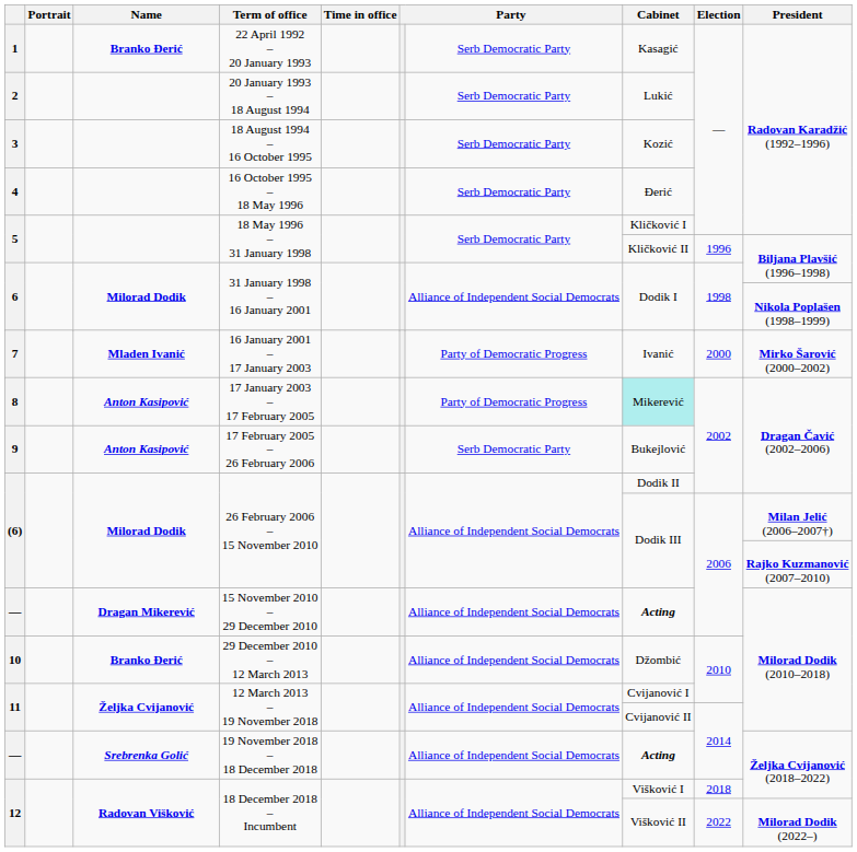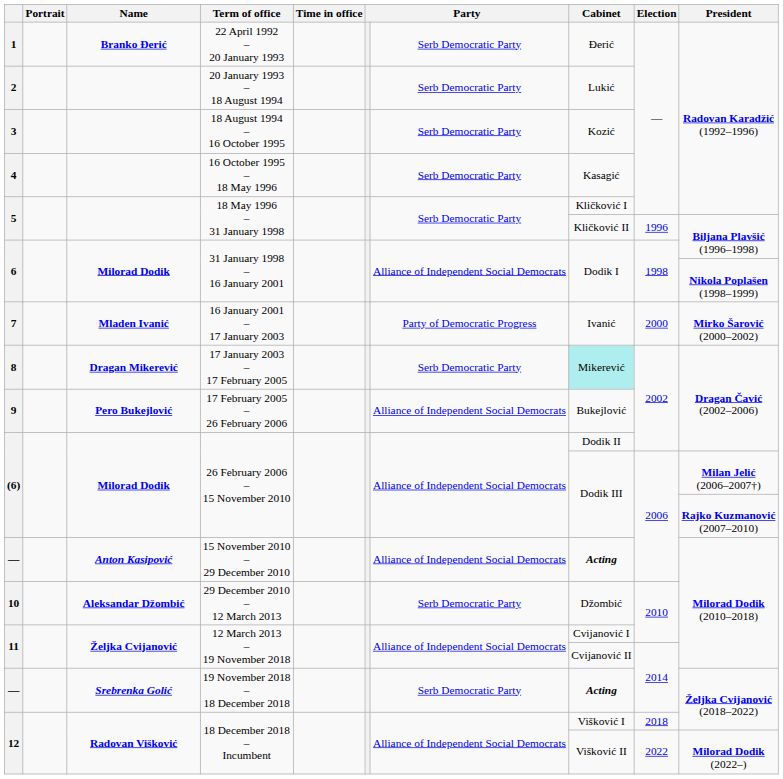 <table class="wikitable" style="text-align:center;">
 <tr>
 <th></th>
 <th>Portrait</th>
 <th width=180px>Name<br></th>
 <th>Term of office</th>
 <th>Time in office</th>
 <th colspan=2>Party</th>
 <th>Cabinet</th>
 <th>Election</th>
 <th>President</th>
 </tr>
 <tr>
 <th>1</th>
 <td></td>
 <td><strong><a href='#'>Branko Đerić</a></strong><br></td>
 <td>22 April 1992<br>–<br>20 January 1993</td>
 <td></td>
 <th style="background:"></th>
 <td><a href='#'>Serb Democratic Party</a></td>
-<td>Kasagić</td>
+<td>Đerić</td>
 <td rowspan=5>—</td>
 <td rowspan=5><br><strong><a href='#'>Radovan Karadžić</a></strong><br>(1992–1996)</td>
 </tr>
 <tr>
 <th>2</th>
 <td></td>
 <td><strong></strong><br></td>
 <td>20 January 1993<br>–<br>18 August 1994</td>
 <td></td>
 <th style="background:"></th>
 <td><a href='#'>Serb Democratic Party</a></td>
 <td>Lukić</td>
 </tr>
 <tr>
 <th>3</th>
 <td></td>
 <td><strong></strong><br></td>
 <td>18 August 1994<br>–<br>16 October 1995</td>
 <td></td>
 <th style="background:"></th>
 <td><a href='#'>Serb Democratic Party</a></td>
 <td>Kozić</td>
 </tr>
 <tr>
 <th>4</th>
 <td></td>
 <td><strong></strong><br></td>
 <td>16 October 1995<br>–<br>18 May 1996</td>
 <td></td>
 <th style="background:"></th>
 <td><a href='#'>Serb Democratic Party</a></td>
-<td>Đerić</td>
+<td>Kasagić</td>
 </tr>
 <tr>
 <th rowspan=2>5</th>
 <td rowspan=2></td>
 <td rowspan=2><strong></strong><br></td>
 <td rowspan=2>18 May 1996<br>–<br>31 January 1998</td>
 <td rowspan=2></td>
 <th rowspan=2 style="background:"></th>
 <td rowspan=2><a href='#'>Serb Democratic Party</a></td>
 <td>Kličković I</td>
 </tr>
 <tr>
 <td>Kličković II</td>
 <td><a href='#'>1996</a></td>
 <td rowspan=2><br><strong><a href='#'>Biljana Plavšić</a></strong><br>(1996–1998)</td>
 </tr>
 <tr>
 <th rowspan=3>6</th>
 <td rowspan=3></td>
 <td rowspan=3><strong><a href='#'>Milorad Dodik</a></strong><br></td>
 <td rowspan=3>31 January 1998<br>–<br>16 January 2001</td>
 <td rowspan=3></td>
 <th rowspan=3 style="background:"></th>
 <td rowspan=3><a href='#'>Alliance of Independent Social Democrats</a></td>
 <td rowspan=3>Dodik I</td>
 <td rowspan=3><a href='#'>1998</a></td>
 </tr>
 <tr>
 <td><br><strong><a href='#'>Nikola Poplašen</a></strong><br>(1998–1999)</td>
 </tr>
 <tr>
 <td rowspan=2><br><strong><a href='#'>Mirko Šarović</a></strong><br>(2000–2002)</td>
 </tr>
 <tr>
 <th rowspan=2>7</th>
 <td rowspan=2></td>
 <td rowspan=2><strong><a href='#'>Mladen Ivanić</a></strong><br></td>
 <td rowspan=2>16 January 2001<br>–<br>17 January 2003</td>
 <td rowspan=2></td>
 <th rowspan=2 style="background:"></th>
 <td rowspan=2><a href='#'>Party of Democratic Progress</a></td>
 <td rowspan=2>Ivanić</td>
 <td rowspan=2><a href='#'>2000</a></td>
 </tr>
 <tr>
 <td rowspan=4><br><strong><a href='#'>Dragan Čavić</a></strong><br>(2002–2006)</td>
 </tr>
 <tr>
 <th>8</th>
 <td></td>
-<td><strong><em><a href='#'>Anton Kasipović</a></em></strong><br></td>
+<td><strong><a href='#'>Dragan Mikerević</a></strong><br></td>
 <td>17 January 2003<br>–<br>17 February 2005</td>
 <td></td>
 <th style="background:"></th>
-<td><a href='#'>Party of Democratic Progress</a></td>
+<td><a href='#'>Serb Democratic Party</a></td>
 <td style="background: paleturquoise;">Mikerević</td>
 <td rowspan=3><a href='#'>2002</a></td>
 </tr>
 <tr>
 <th>9</th>
 <td></td>
-<td><strong><em><a href='#'>Anton Kasipović</a></em></strong><br></td>
+<td><strong><a href='#'>Pero Bukejlović</a></strong><br></td>
 <td>17 February 2005<br>–<br>26 February 2006</td>
 <td></td>
 <th style="background: "></th>
-<td><a href='#'>Serb Democratic Party</a></td>
+<td><a href='#'>Alliance of Independent Social Democrats</a></td>
 <td>Bukejlović</td>
 </tr>
 <tr>
 <th rowspan=3>(6)</th>
 <td rowspan=3></td>
 <td rowspan=3><strong><a href='#'>Milorad Dodik</a></strong><br></td>
 <td rowspan=3>26 February 2006<br>–<br>15 November 2010</td>
 <td rowspan=3></td>
 <th rowspan=3 style="background:"></th>
 <td rowspan=3><a href='#'>Alliance of Independent Social Democrats</a></td>
 <td>Dodik II</td>
 </tr>
 <tr>
 <td rowspan=2>Dodik III</td>
 <td rowspan=3><a href='#'>2006</a></td>
 <td><br><strong><a href='#'>Milan Jelić</a></strong><br>(2006–2007†)</td>
 </tr>
 <tr>
 <td><br><strong><a href='#'>Rajko Kuzmanović</a></strong><br>(2007–2010)</td>
 </tr>
 <tr>
 <th>—</th>
 <td></td>
-<td><strong><a href='#'>Dragan Mikerević</a></strong><br></td>
+<td><strong><em><a href='#'>Anton Kasipović</a></em></strong><br></td>
 <td>15 November 2010<br>–<br>29 December 2010</td>
 <td></td>
 <th style="background:"></th>
 <td><a href='#'>Alliance of Independent Social Democrats</a></td>
 <td><strong><em>Acting</em></strong></td>
 <td rowspan=4><br><strong><a href='#'>Milorad Dodik</a></strong><br>(2010–2018)</td>
 </tr>
 <tr>
 <th>10</th>
 <td></td>
-<td><strong><a href='#'>Branko Đerić</a></strong><br></td>
+<td><strong><a href='#'>Aleksandar Džombić</a></strong><br></td>
 <td>29 December 2010<br>–<br>12 March 2013</td>
 <td></td>
 <th style="background:"></th>
-<td><a href='#'>Alliance of Independent Social Democrats</a></td>
+<td><a href='#'>Serb Democratic Party</a></td>
 <td>Džombić</td>
 <td rowspan=2><a href='#'>2010</a></td>
 </tr>
 <tr>
 <th rowspan=2>11</th>
 <td rowspan=2></td>
 <td rowspan=2><strong><a href='#'>Željka Cvijanović</a></strong><br></td>
 <td rowspan=2>12 March 2013<br>–<br>19 November 2018</td>
 <td rowspan=2></td>
 <th rowspan=2 style="background:"></th>
 <td rowspan=2><a href='#'>Alliance of Independent Social Democrats</a></td>
 <td>Cvijanović I</td>
 </tr>
 <tr>
 <td>Cvijanović II</td>
 <td rowspan=2><a href='#'>2014</a></td>
 </tr>
 <tr>
 <th>—</th>
 <td></td>
 <td><strong><em><a href='#'>Srebrenka Golić</a></em></strong><br></td>
 <td>19 November 2018<br>–<br>18 December 2018</td>
 <td></td>
 <th style="background:"></th>
-<td><a href='#'>Alliance of Independent Social Democrats</a></td>
+<td><a href='#'>Serb Democratic Party</a></td>
 <td><strong><em>Acting</em></strong></td>
 <td rowspan=2><br><strong><a href='#'>Željka Cvijanović</a></strong><br>(2018–2022)</td>
 </tr>
 <tr>
 <th rowspan=2>12</th>
 <td rowspan=2></td>
 <td rowspan=2><strong><a href='#'>Radovan Višković</a></strong><br></td>
 <td rowspan=2>18 December 2018<br>–<br>Incumbent</td>
 <td rowspan=2></td>
 <th rowspan=2 style="background:"></th>
 <td rowspan=2><a href='#'>Alliance of Independent Social Democrats</a></td>
 <td>Višković I</td>
 <td><a href='#'>2018</a></td>
 </tr>
 <tr>
 <td>Višković II</td>
 <td><a href='#'>2022</a></td>
 <td><br><strong><a href='#'>Milorad Dodik</a></strong><br>(2022–)</td>
 </tr>
 </table>
